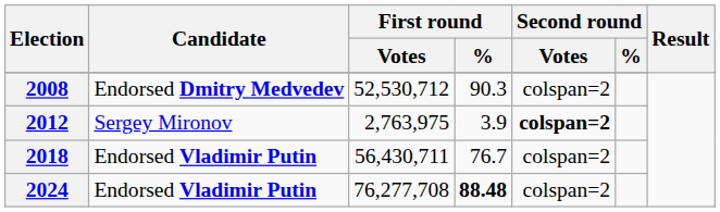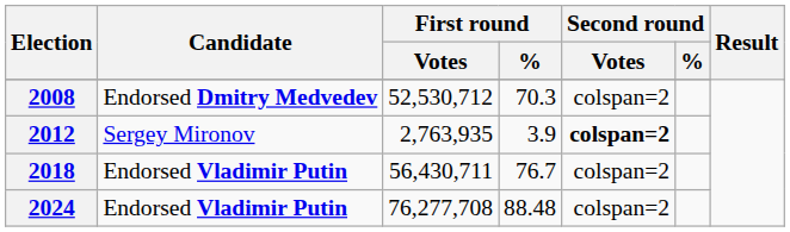 <table class=wikitable style=text-align:right>
 <tr>
 <th rowspan="2">Election</th>
 <th rowspan="2">Candidate</th>
 <th colspan="2" scope="col">First round</th>
 <th colspan="2">Second round</th>
 <th rowspan="2">Result</th>
 </tr>
 <tr>
 <th>Votes</th>
 <th>%</th>
 <th>Votes</th>
 <th>%</th>
 </tr>
 <tr>
 </tr>
 <tr>
 <th><a href='#'>2008</a></th>
 <td align=left>Endorsed <strong><a href='#'>Dmitry Medvedev</a></strong></td>
 <td>52,530,712</td>
-<td>90.3</td>
+<td>70.3</td>
 <td>colspan=2 </td>
 <td></td>
 </tr>
 <tr>
 <th><a href='#'>2012</a></th>
 <td align=left><a href='#'>Sergey Mironov</a></td>
-<td>2,763,975</td>
+<td>2,763,935</td>
 <td>3.9</td>
 <td><strong>colspan=2 </strong></td>
 <td></td>
 </tr>
 <tr>
 <th><a href='#'>2018</a></th>
 <td align=left>Endorsed <strong><a href='#'>Vladimir Putin</a></strong></td>
 <td>56,430,711</td>
 <td>76.7</td>
 <td>colspan=2 </td>
 <td></td>
 </tr>
 <tr>
 <th><a href='#'>2024</a></th>
 <td align=left>Endorsed <strong><a href='#'>Vladimir Putin</a></strong></td>
 <td>76,277,708</td>
-<td><strong>88.48</strong></td>
+<td>88.48</td>
 <td>colspan=2 </td>
 <td></td>
 </tr>
 </table>
